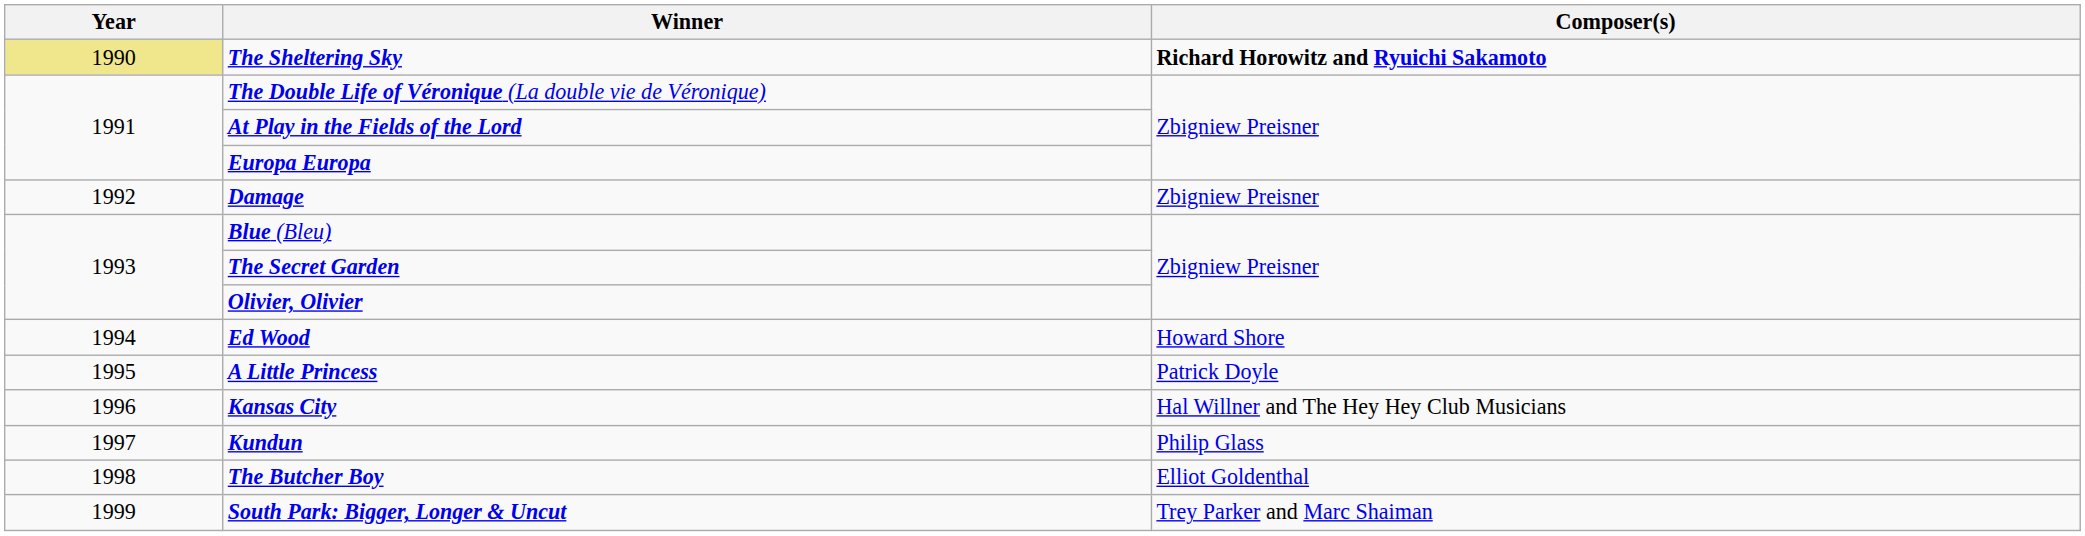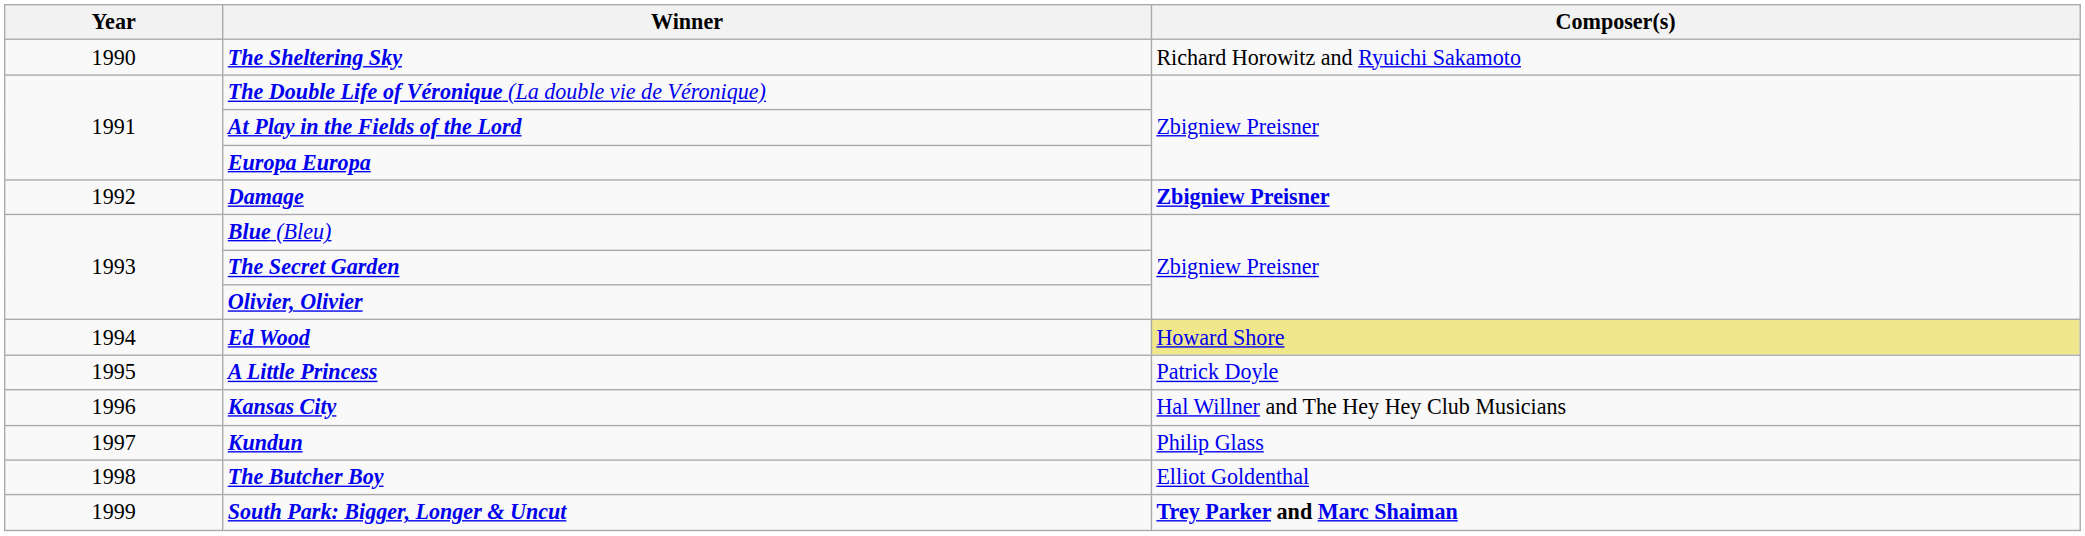 <table class="wikitable" width="95%" cellpadding="5">
 <tr>
 <th width="100"><strong>Year</strong></th>
 <th width="450"><strong>Winner</strong></th>
 <th width="450"><strong>Composer(s)</strong></th>
 </tr>
 <tr>
-<td style="background: khaki; text-align:center;">1990</td>
+<td style="text-align:center;">1990</td>
 <td><strong><em><a href='#'>The Sheltering Sky</a></em></strong></td>
-<td><strong>Richard Horowitz and <a href='#'>Ryuichi Sakamoto</a></strong></td>
+<td>Richard Horowitz and <a href='#'>Ryuichi Sakamoto</a></td>
 </tr>
 <tr>
 <td rowspan="3" style="text-align:center;">1991</td>
 <td><em><a href='#'><strong>The Double Life of Véronique</strong> (La double vie de Véronique)</a></em></td>
 <td rowspan="3"><a href='#'>Zbigniew Preisner</a></td>
 </tr>
 <tr>
 <td><strong><em><a href='#'>At Play in the Fields of the Lord</a></em></strong></td>
 </tr>
 <tr>
 <td><strong><em><a href='#'>Europa Europa</a></em></strong></td>
 </tr>
 <tr>
 <td style="text-align:center;">1992</td>
 <td><strong><em><a href='#'>Damage</a></em></strong></td>
-<td><a href='#'>Zbigniew Preisner</a></td>
+<td><strong><a href='#'>Zbigniew Preisner</a></strong></td>
 </tr>
 <tr>
 <td rowspan="3" style="text-align:center;">1993</td>
 <td><em><a href='#'><strong>Blue</strong> (Bleu)</a></em></td>
 <td rowspan="3"><a href='#'>Zbigniew Preisner</a></td>
 </tr>
 <tr>
 <td><strong><em><a href='#'>The Secret Garden</a></em></strong></td>
 </tr>
 <tr>
 <td><strong><em><a href='#'>Olivier, Olivier</a></em></strong></td>
 </tr>
 <tr>
 <td style="text-align:center;">1994</td>
 <td><strong><em><a href='#'>Ed Wood</a></em></strong></td>
-<td><a href='#'>Howard Shore</a></td>
+<td style="background: khaki;"><a href='#'>Howard Shore</a></td>
 </tr>
 <tr>
 <td style="text-align:center;">1995</td>
 <td><strong><em><a href='#'>A Little Princess</a></em></strong></td>
 <td><a href='#'>Patrick Doyle</a></td>
 </tr>
 <tr>
 <td style="text-align:center;">1996</td>
 <td><strong><em><a href='#'>Kansas City</a></em></strong></td>
 <td><a href='#'>Hal Willner</a> and The Hey Hey Club Musicians</td>
 </tr>
 <tr>
 <td style="text-align:center;">1997</td>
 <td><strong><em><a href='#'>Kundun</a></em></strong></td>
 <td><a href='#'>Philip Glass</a></td>
 </tr>
 <tr>
 <td style="text-align:center;">1998</td>
 <td><strong><em><a href='#'>The Butcher Boy</a></em></strong></td>
 <td><a href='#'>Elliot Goldenthal</a></td>
 </tr>
 <tr>
 <td style="text-align:center;">1999</td>
 <td><strong><em><a href='#'>South Park: Bigger, Longer & Uncut</a></em></strong></td>
-<td><a href='#'>Trey Parker</a> and <a href='#'>Marc Shaiman</a></td>
+<td><strong><a href='#'>Trey Parker</a> and <a href='#'>Marc Shaiman</a></strong></td>
 </tr>
 </table>
